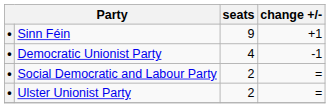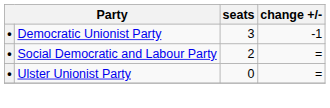 <table class="wikitable" style="font-size: 95%;">
 <tr>
 <th colspan=2>Party</th>
 <th>seats</th>
 <th>change +/-</th>
 </tr>
 <tr>
 <th style="background-color: "><span>•</span></th>
-<td><a href='#'>Sinn Féin</a></td>
-<td align="right">9</td>
-<td align="right">+1</td>
-</tr>
-<tr>
-<th style="background-color: "><span>•</span></th>
 <td><a href='#'>Democratic Unionist Party</a></td>
-<td align="right">4</td>
+<td align="right">3</td>
 <td align="right">-1</td>
 </tr>
 <tr>
 <th style="background-color: "><span>•</span></th>
 <td><a href='#'>Social Democratic and Labour Party</a></td>
 <td align="right">2</td>
 <td align="right">=</td>
 </tr>
 <tr>
 <th style="background-color: "><span>•</span></th>
 <td><a href='#'>Ulster Unionist Party</a></td>
-<td align="right">2</td>
+<td align="right">0</td>
 <td align="right">=</td>
 </tr>
 <tr>
 </tr>
 </table>
